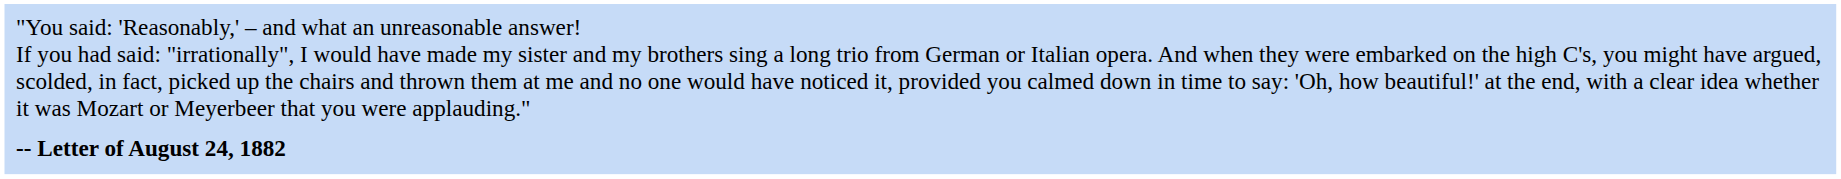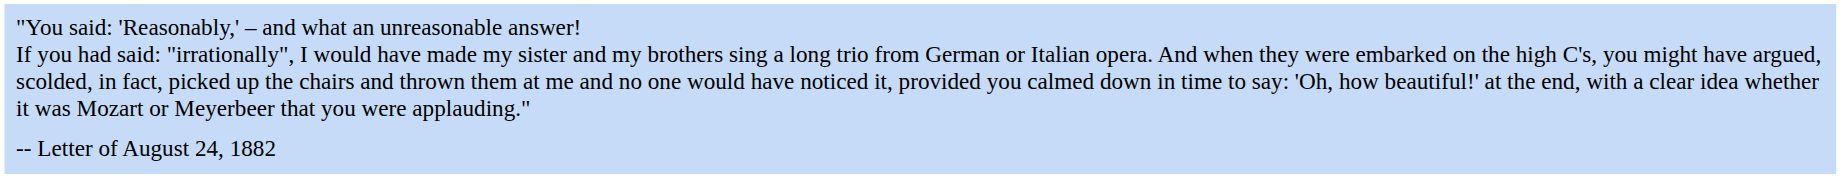 <table class="toccolours" style="float: right; margin-left: 1em; margin-right: 8em; font-size: 80%; background:#c6dbf7; color:black; width:80em; max-width: 80%;" cellspacing="5">
 <tr>
 <td style="text-align: left;">"You said: 'Reasonably,' – and what an unreasonable answer!<br>If you had said: "irrationally", I would have made my sister and my brothers sing a long trio from German or Italian opera. And when they were embarked on the high C's, you might have argued, scolded, in fact, picked up the chairs and thrown them at me and no one would have noticed it, provided you calmed down in time to say: 'Oh, how beautiful!' at the end, with a clear idea whether it was Mozart or Meyerbeer that you were applauding."</td>
 </tr>
 <tr>
-<td style="text-align: left;"><strong>-- Letter of August 24, 1882</strong></td>
+<td style="text-align: left;">-- Letter of August 24, 1882</td>
 </tr>
 </table>
